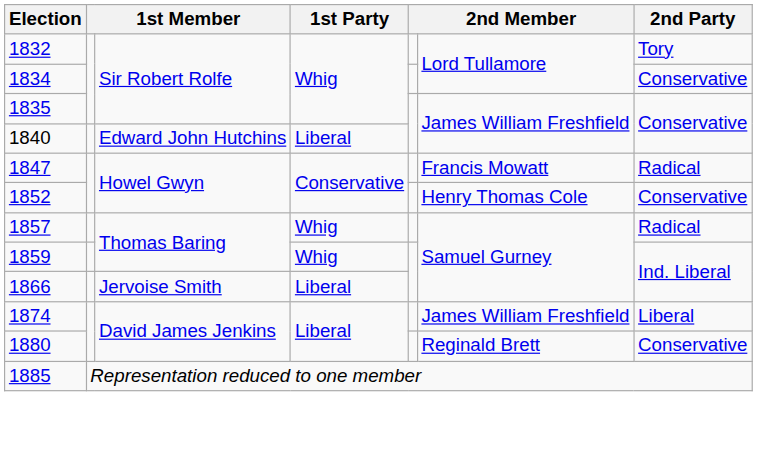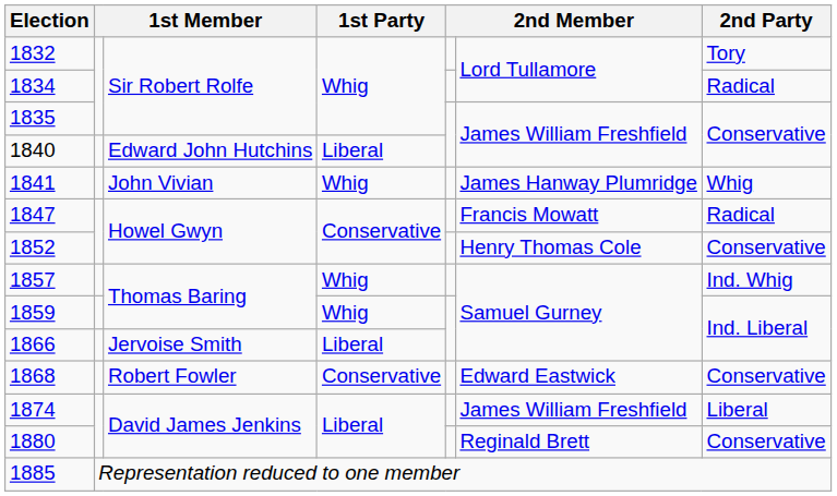 <table class="wikitable">
 <tr>
 <th>Election</th>
 <th colspan="2">1st Member</th>
 <th>1st Party</th>
 <th colspan="2">2nd Member</th>
 <th>2nd Party</th>
 </tr>
 <tr>
 <td><a href='#'>1832</a></td>
 <td rowspan="3" style="color:inherit;background-color: "></td>
 <td rowspan="3"><a href='#'>Sir Robert Rolfe</a></td>
 <td rowspan="3"><a href='#'>Whig</a></td>
 <td style="color:inherit;background-color: "></td>
 <td rowspan="2"><a href='#'>Lord Tullamore</a></td>
 <td><a href='#'>Tory</a></td>
 </tr>
 <tr>
 <td><a href='#'>1834</a></td>
 <td style="color:inherit;background-color: "></td>
-<td><a href='#'>Conservative</a></td>
+<td><a href='#'>Radical</a></td>
 </tr>
 <tr>
 <td><a href='#'>1835</a></td>
 <td rowspan="2" style="color:inherit;background-color: "></td>
 <td rowspan="2"><a href='#'>James William Freshfield</a></td>
 <td rowspan="2"><a href='#'>Conservative</a></td>
 </tr>
 <tr>
 <td>1840</td>
 <td style="color:inherit;background-color: "></td>
 <td><a href='#'>Edward John Hutchins</a></td>
 <td><a href='#'>Liberal</a></td>
+</tr>
+<tr>
+<td><a href='#'>1841</a></td>
+<td style="color:inherit;background-color: "></td>
+<td><a href='#'>John Vivian</a></td>
+<td><a href='#'>Whig</a></td>
+<td style="color:inherit;background-color: "></td>
+<td><a href='#'>James Hanway Plumridge</a></td>
+<td><a href='#'>Whig</a></td>
 </tr>
 <tr>
 <td><a href='#'>1847</a></td>
 <td rowspan="2" style="color:inherit;background-color: "></td>
 <td rowspan="2"><a href='#'>Howel Gwyn</a></td>
 <td rowspan="2"><a href='#'>Conservative</a></td>
 <td style="color:inherit;background-color: "></td>
 <td><a href='#'>Francis Mowatt</a></td>
 <td><a href='#'>Radical</a></td>
 </tr>
 <tr>
 <td><a href='#'>1852</a></td>
 <td style="color:inherit;background-color: "></td>
 <td><a href='#'>Henry Thomas Cole</a></td>
 <td><a href='#'>Conservative</a></td>
 </tr>
 <tr>
 <td><a href='#'>1857</a></td>
 <td style="color:inherit;background-color: "></td>
 <td rowspan="2"><a href='#'>Thomas Baring</a></td>
 <td><a href='#'>Whig</a></td>
 <td style="color:inherit;background-color: "></td>
 <td rowspan="3"><a href='#'>Samuel Gurney</a></td>
-<td><a href='#'>Radical</a></td>
+<td><a href='#'>Ind. Whig</a></td>
 </tr>
 <tr>
 <td><a href='#'>1859</a></td>
 <td style="color:inherit;background-color: "></td>
 <td><a href='#'>Whig</a></td>
 <td rowspan="2" style="color:inherit;background-color: "></td>
 <td rowspan="2"><a href='#'>Ind. Liberal</a></td>
 </tr>
 <tr>
 <td><a href='#'>1866</a></td>
 <td style="color:inherit;background-color: "></td>
 <td><a href='#'>Jervoise Smith</a></td>
 <td><a href='#'>Liberal</a></td>
+</tr>
+<tr>
+<td><a href='#'>1868</a></td>
+<td style="color:inherit;background-color: "></td>
+<td><a href='#'>Robert Fowler</a></td>
+<td><a href='#'>Conservative</a></td>
+<td style="color:inherit;background-color: "></td>
+<td><a href='#'>Edward Eastwick</a></td>
+<td><a href='#'>Conservative</a></td>
 </tr>
 <tr>
 <td><a href='#'>1874</a></td>
 <td rowspan="2" style="color:inherit;background-color: "></td>
 <td rowspan="2"><a href='#'>David James Jenkins</a></td>
 <td rowspan="2"><a href='#'>Liberal</a></td>
 <td style="color:inherit;background-color: "></td>
 <td><a href='#'>James William Freshfield</a></td>
 <td><a href='#'>Liberal</a></td>
 </tr>
 <tr>
 <td><a href='#'>1880</a></td>
 <td style="color:inherit;background-color: "></td>
 <td><a href='#'>Reginald Brett</a></td>
 <td><a href='#'>Conservative</a></td>
 </tr>
 <tr>
 <td><a href='#'>1885</a></td>
 <td colspan="6"><em>Representation reduced to one member</em></td>
 </tr>
 </table>
